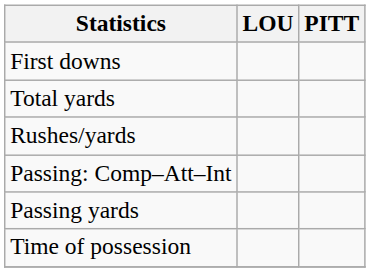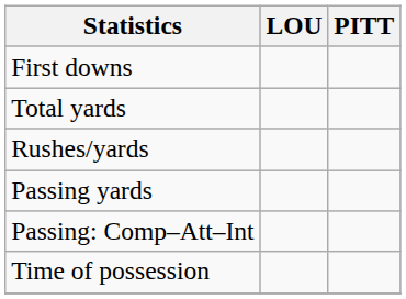 <table class="wikitable" style="float: left;">
 <tr>
 <th>Statistics</th>
 <th>LOU</th>
 <th>PITT</th>
 </tr>
 <tr>
 <td>First downs</td>
 <td></td>
 <td></td>
 </tr>
 <tr>
 <td>Total yards</td>
 <td></td>
 <td></td>
 </tr>
 <tr>
 <td>Rushes/yards</td>
 <td></td>
 <td></td>
 </tr>
 <tr>
-<td>Passing: Comp–Att–Int</td>
+<td>Passing yards</td>
 <td></td>
 <td></td>
 </tr>
 <tr>
-<td>Passing yards</td>
+<td>Passing: Comp–Att–Int</td>
 <td></td>
 <td></td>
 </tr>
 <tr>
 <td>Time of possession</td>
 <td></td>
 <td></td>
 </tr>
 <tr>
 </tr>
 </table>
